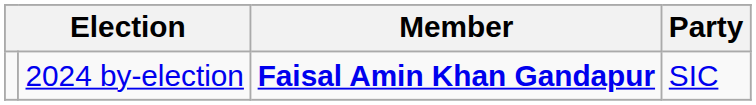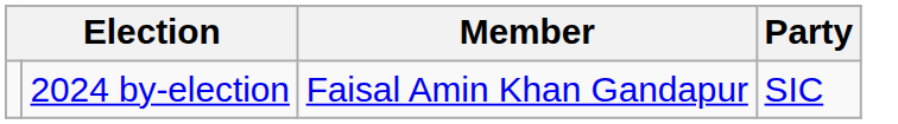 <table class="wikitable">
 <tr>
 <th colspan="2">Election</th>
 <th>Member</th>
 <th>Party</th>
 </tr>
 <tr>
 <td style="background-color: "></td>
 <td><a href='#'>2024 by-election</a></td>
-<td><strong><a href='#'>Faisal Amin Khan Gandapur</a></strong></td>
+<td><a href='#'>Faisal Amin Khan Gandapur</a></td>
 <td><a href='#'>SIC</a></td>
 </tr>
 </table>
